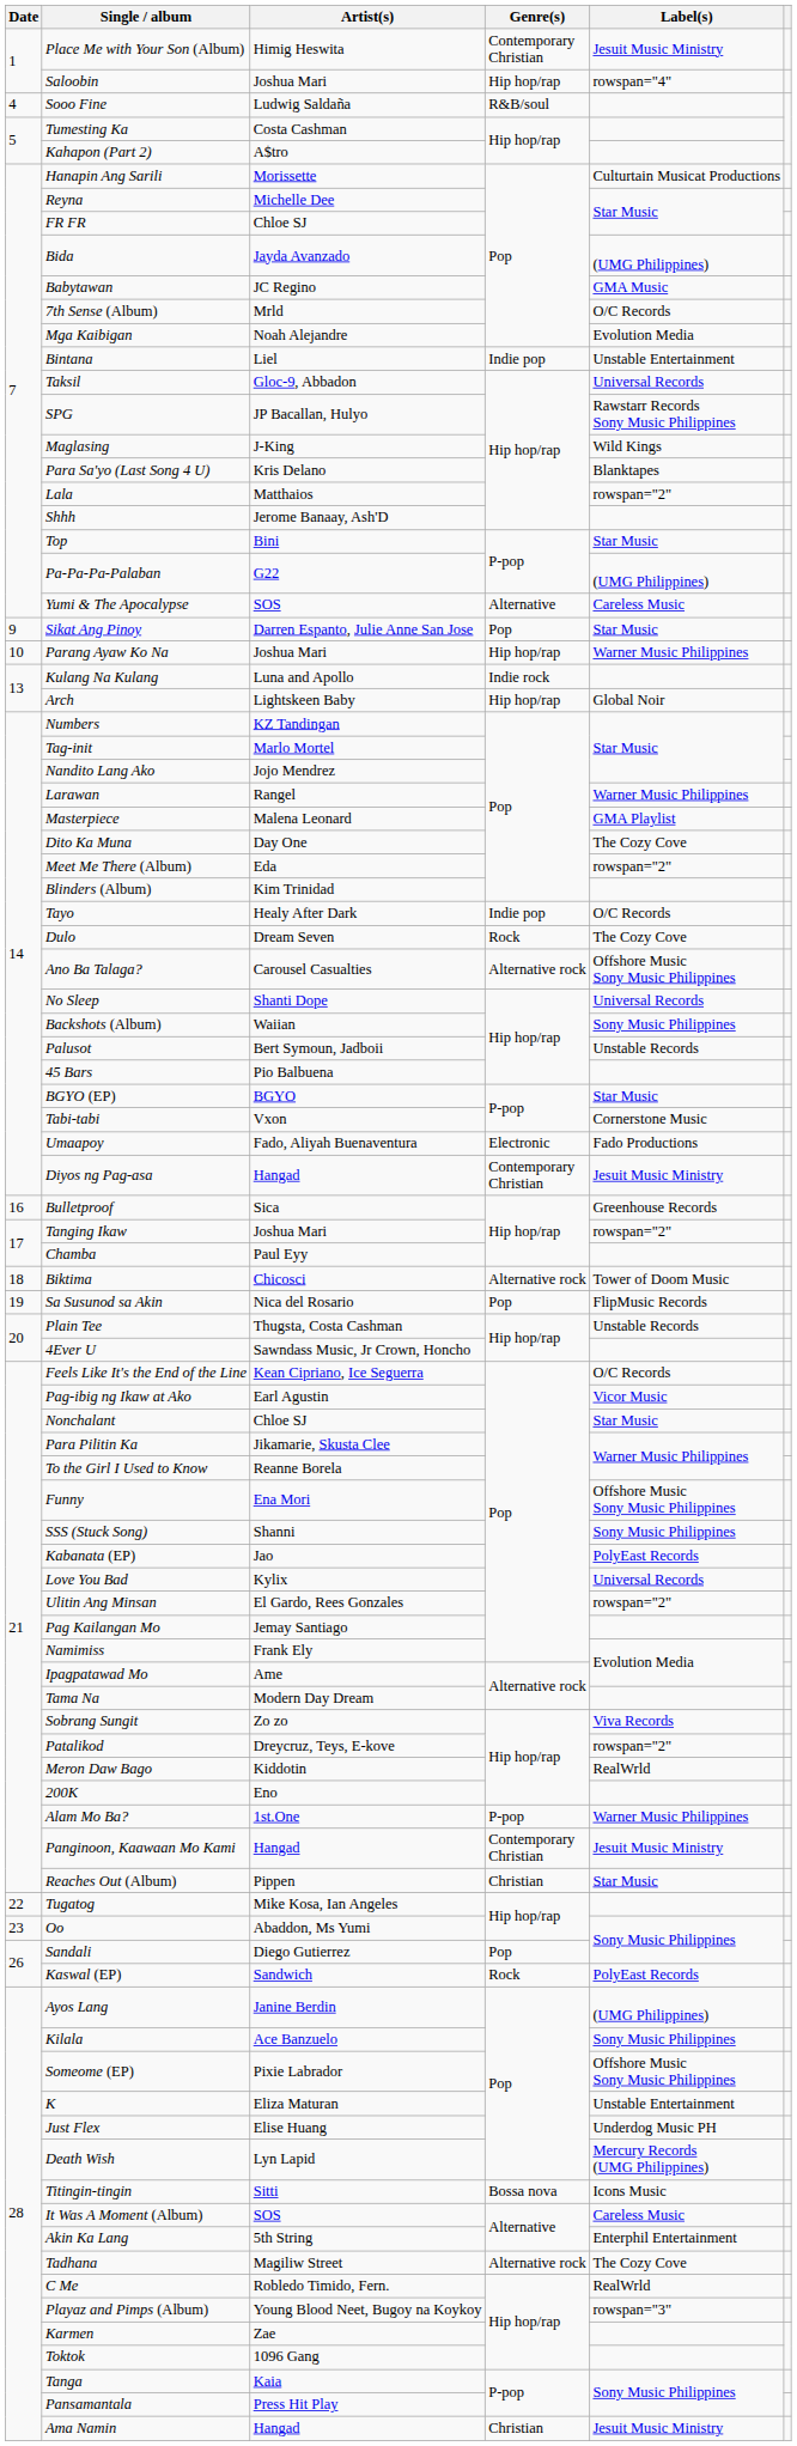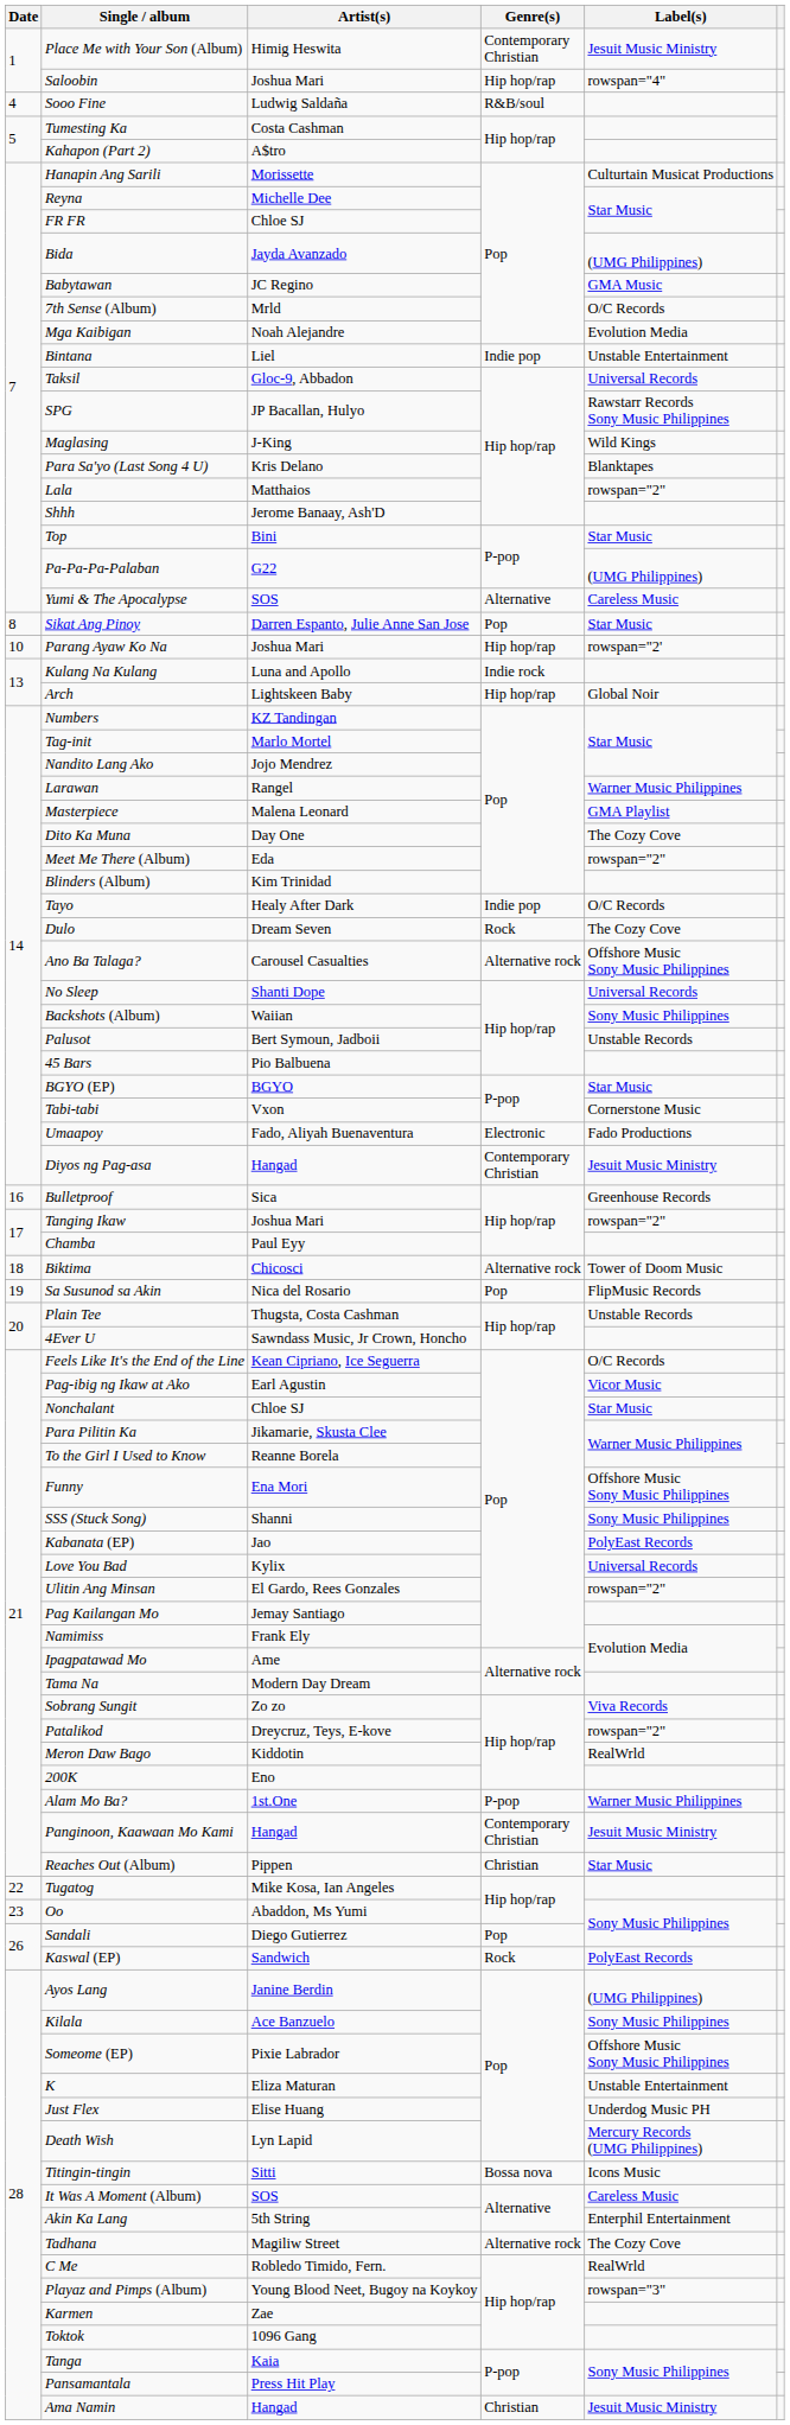 <table class="wikitable">
 <tr>
 <th>Date</th>
 <th>Single / album</th>
 <th>Artist(s)</th>
 <th>Genre(s)</th>
 <th>Label(s)</th>
 <th></th>
 </tr>
 <tr>
 <td rowspan="2">1</td>
 <td><em>Place Me with Your Son</em> (Album)</td>
 <td>Himig Heswita</td>
 <td>Contemporary<br>Christian</td>
 <td><a href='#'>Jesuit Music Ministry</a></td>
 <td></td>
 </tr>
 <tr>
 <td><em>Saloobin</em></td>
 <td>Joshua Mari</td>
 <td>Hip hop/rap</td>
 <td>rowspan="4" </td>
 <td></td>
 </tr>
 <tr>
 <td>4</td>
 <td><em>Sooo Fine</em></td>
 <td>Ludwig Saldaña</td>
 <td>R&B/soul</td>
 <td></td>
 </tr>
 <tr>
 <td rowspan="2">5</td>
 <td><em>Tumesting Ka</em></td>
 <td>Costa Cashman</td>
 <td rowspan="2">Hip hop/rap</td>
 <td></td>
 </tr>
 <tr>
 <td><em>Kahapon (Part 2)</em></td>
 <td>A$tro</td>
 <td></td>
 </tr>
 <tr>
 <td rowspan="17">7</td>
 <td><em>Hanapin Ang Sarili</em></td>
 <td><a href='#'>Morissette</a></td>
 <td rowspan="7">Pop</td>
 <td>Culturtain Musicat Productions</td>
 <td></td>
 </tr>
 <tr>
 <td><em>Reyna</em></td>
 <td><a href='#'>Michelle Dee</a></td>
 <td rowspan="2"><a href='#'>Star Music</a></td>
 <td></td>
 </tr>
 <tr>
 <td><em>FR FR</em></td>
 <td>Chloe SJ</td>
 <td></td>
 </tr>
 <tr>
 <td><em>Bida</em></td>
 <td><a href='#'>Jayda Avanzado</a></td>
 <td><br>(<a href='#'>UMG Philippines</a>)</td>
 <td></td>
 </tr>
 <tr>
 <td><em>Babytawan</em></td>
 <td>JC Regino</td>
 <td><a href='#'>GMA Music</a></td>
 <td></td>
 </tr>
 <tr>
 <td><em>7th Sense</em> (Album)</td>
 <td>Mrld</td>
 <td>O/C Records</td>
 <td></td>
 </tr>
 <tr>
 <td><em>Mga Kaibigan</em></td>
 <td>Noah Alejandre</td>
 <td>Evolution Media</td>
 <td></td>
 </tr>
 <tr>
 <td><em>Bintana</em></td>
 <td>Liel</td>
 <td>Indie pop</td>
 <td>Unstable Entertainment</td>
 <td></td>
 </tr>
 <tr>
 <td><em>Taksil</em></td>
 <td><a href='#'>Gloc-9</a>, Abbadon</td>
 <td rowspan="6">Hip hop/rap</td>
 <td><a href='#'>Universal Records</a></td>
 <td></td>
 </tr>
 <tr>
 <td><em>SPG</em></td>
 <td>JP Bacallan, Hulyo</td>
 <td>Rawstarr Records<br><a href='#'>Sony Music Philippines</a></td>
 <td></td>
 </tr>
 <tr>
 <td><em>Maglasing</em></td>
 <td>J-King</td>
 <td>Wild Kings</td>
 <td></td>
 </tr>
 <tr>
 <td><em>Para Sa'yo (Last Song 4 U)</em></td>
 <td>Kris Delano</td>
 <td>Blanktapes</td>
 <td></td>
 </tr>
 <tr>
 <td><em>Lala</em></td>
 <td>Matthaios</td>
 <td>rowspan="2" </td>
 <td></td>
 </tr>
 <tr>
 <td><em>Shhh</em></td>
 <td>Jerome Banaay, Ash'D</td>
 <td></td>
 </tr>
 <tr>
 <td><em>Top</em></td>
 <td><a href='#'>Bini</a></td>
 <td rowspan="2">P-pop</td>
 <td><a href='#'>Star Music</a></td>
 <td></td>
 </tr>
 <tr>
 <td><em>Pa-Pa-Pa-Palaban</em></td>
 <td><a href='#'>G22</a></td>
 <td><br>(<a href='#'>UMG Philippines</a>)</td>
 <td></td>
 </tr>
 <tr>
 <td><em>Yumi & The Apocalypse</em></td>
 <td><a href='#'>SOS</a></td>
 <td>Alternative</td>
 <td><a href='#'>Careless Music</a></td>
 <td></td>
 </tr>
 <tr>
-<td>9</td>
+<td>8</td>
 <td><em><a href='#'>Sikat Ang Pinoy</a></em></td>
 <td><a href='#'>Darren Espanto</a>, <a href='#'>Julie Anne San Jose</a></td>
 <td>Pop</td>
 <td><a href='#'>Star Music</a></td>
 <td></td>
 </tr>
 <tr>
 <td>10</td>
 <td><em>Parang Ayaw Ko Na</em></td>
 <td>Joshua Mari</td>
 <td>Hip hop/rap</td>
-<td><a href='#'>Warner Music Philippines</a></td>
+<td>rowspan="2' </td>
 <td></td>
 </tr>
 <tr>
 <td rowspan="2">13</td>
 <td><em>Kulang Na Kulang</em></td>
 <td>Luna and Apollo</td>
 <td>Indie rock</td>
 <td></td>
 </tr>
 <tr>
 <td><em>Arch</em></td>
 <td>Lightskeen Baby</td>
 <td>Hip hop/rap</td>
 <td>Global Noir</td>
 <td></td>
 </tr>
 <tr>
 <td rowspan="19">14</td>
 <td><em>Numbers</em></td>
 <td><a href='#'>KZ Tandingan</a></td>
 <td rowspan="8">Pop</td>
 <td rowspan="3"><a href='#'>Star Music</a></td>
 <td></td>
 </tr>
 <tr>
 <td><em>Tag-init</em></td>
 <td><a href='#'>Marlo Mortel</a></td>
 <td></td>
 </tr>
 <tr>
 <td><em>Nandito Lang Ako</em></td>
 <td>Jojo Mendrez</td>
 <td></td>
 </tr>
 <tr>
 <td><em>Larawan</em></td>
 <td>Rangel</td>
 <td><a href='#'>Warner Music Philippines</a></td>
 <td></td>
 </tr>
 <tr>
 <td><em>Masterpiece</em></td>
 <td>Malena Leonard</td>
 <td><a href='#'>GMA Playlist</a></td>
 <td></td>
 </tr>
 <tr>
 <td><em>Dito Ka Muna</em></td>
 <td>Day One</td>
 <td>The Cozy Cove</td>
 <td></td>
 </tr>
 <tr>
 <td><em>Meet Me There</em> (Album)</td>
 <td>Eda</td>
 <td>rowspan="2" </td>
 <td></td>
 </tr>
 <tr>
 <td><em>Blinders</em> (Album)</td>
 <td>Kim Trinidad</td>
 <td></td>
 </tr>
 <tr>
 <td><em>Tayo</em></td>
 <td>Healy After Dark</td>
 <td>Indie pop</td>
 <td>O/C Records</td>
 <td></td>
 </tr>
 <tr>
 <td><em>Dulo</em></td>
 <td>Dream Seven</td>
 <td>Rock</td>
 <td>The Cozy Cove</td>
 <td></td>
 </tr>
 <tr>
 <td><em>Ano Ba Talaga?</em></td>
 <td>Carousel Casualties</td>
 <td>Alternative rock</td>
 <td>Offshore Music<br><a href='#'>Sony Music Philippines</a></td>
 <td></td>
 </tr>
 <tr>
 <td><em>No Sleep</em></td>
 <td><a href='#'>Shanti Dope</a></td>
 <td rowspan="4">Hip hop/rap</td>
 <td><a href='#'>Universal Records</a></td>
 <td></td>
 </tr>
 <tr>
 <td><em>Backshots</em> (Album)</td>
 <td>Waiian</td>
 <td><a href='#'>Sony Music Philippines</a></td>
 <td></td>
 </tr>
 <tr>
 <td><em>Palusot</em></td>
 <td>Bert Symoun, Jadboii</td>
 <td>Unstable Records</td>
 <td></td>
 </tr>
 <tr>
 <td><em>45 Bars</em></td>
 <td>Pio Balbuena</td>
 <td></td>
 <td></td>
 </tr>
 <tr>
 <td><em>BGYO</em> (EP)</td>
 <td><a href='#'>BGYO</a></td>
 <td rowspan="2">P-pop</td>
 <td><a href='#'>Star Music</a></td>
 <td></td>
 </tr>
 <tr>
 <td><em>Tabi-tabi</em></td>
 <td>Vxon</td>
 <td>Cornerstone Music</td>
 <td></td>
 </tr>
 <tr>
 <td><em>Umaapoy</em></td>
 <td>Fado, Aliyah Buenaventura</td>
 <td>Electronic</td>
 <td>Fado Productions</td>
 <td></td>
 </tr>
 <tr>
 <td><em>Diyos ng Pag-asa</em></td>
 <td><a href='#'>Hangad</a></td>
 <td>Contemporary<br>Christian</td>
 <td><a href='#'>Jesuit Music Ministry</a></td>
 <td></td>
 </tr>
 <tr>
 <td>16</td>
 <td><em>Bulletproof</em></td>
 <td>Sica</td>
 <td rowspan="3">Hip hop/rap</td>
 <td>Greenhouse Records</td>
 <td></td>
 </tr>
 <tr>
 <td rowspan="2">17</td>
 <td><em>Tanging Ikaw</em></td>
 <td>Joshua Mari</td>
 <td>rowspan="2" </td>
 <td></td>
 </tr>
 <tr>
 <td><em>Chamba</em></td>
 <td>Paul Eyy</td>
 <td></td>
 </tr>
 <tr>
 <td>18</td>
 <td><em>Biktima</em></td>
 <td><a href='#'>Chicosci</a></td>
 <td>Alternative rock</td>
 <td>Tower of Doom Music</td>
 <td></td>
 </tr>
 <tr>
 <td>19</td>
 <td><em>Sa Susunod sa Akin</em></td>
 <td>Nica del Rosario</td>
 <td>Pop</td>
 <td>FlipMusic Records</td>
 <td></td>
 </tr>
 <tr>
 <td rowspan="2">20</td>
 <td><em>Plain Tee</em></td>
 <td>Thugsta, Costa Cashman</td>
 <td rowspan="2">Hip hop/rap</td>
 <td>Unstable Records</td>
 <td></td>
 </tr>
 <tr>
 <td><em>4Ever U</em></td>
 <td>Sawndass Music, Jr Crown, Honcho</td>
 <td></td>
 </tr>
 <tr>
 <td rowspan="21">21</td>
 <td><em>Feels Like It's the End of the Line</em></td>
 <td><a href='#'>Kean Cipriano</a>, <a href='#'>Ice Seguerra</a></td>
 <td rowspan="12">Pop</td>
 <td>O/C Records</td>
 <td></td>
 </tr>
 <tr>
 <td><em>Pag-ibig ng Ikaw at Ako</em></td>
 <td>Earl Agustin</td>
 <td><a href='#'>Vicor Music</a></td>
 <td></td>
 </tr>
 <tr>
 <td><em>Nonchalant</em></td>
 <td>Chloe SJ</td>
 <td><a href='#'>Star Music</a></td>
 <td></td>
 </tr>
 <tr>
 <td><em>Para Pilitin Ka</em></td>
 <td>Jikamarie, <a href='#'>Skusta Clee</a></td>
 <td rowspan="2"><a href='#'>Warner Music Philippines</a></td>
 <td></td>
 </tr>
 <tr>
 <td><em>To the Girl I Used to Know</em></td>
 <td>Reanne Borela</td>
 <td></td>
 </tr>
 <tr>
 <td><em>Funny</em></td>
 <td><a href='#'>Ena Mori</a></td>
 <td>Offshore Music<br><a href='#'>Sony Music Philippines</a></td>
 <td></td>
 </tr>
 <tr>
 <td><em>SSS (Stuck Song)</em></td>
 <td>Shanni</td>
 <td><a href='#'>Sony Music Philippines</a></td>
 <td></td>
 </tr>
 <tr>
 <td><em>Kabanata</em> (EP)</td>
 <td>Jao</td>
 <td><a href='#'>PolyEast Records</a></td>
 <td></td>
 </tr>
 <tr>
 <td><em>Love You Bad</em></td>
 <td>Kylix</td>
 <td><a href='#'>Universal Records</a></td>
 <td></td>
 </tr>
 <tr>
 <td><em>Ulitin Ang Minsan</em></td>
 <td>El Gardo, Rees Gonzales</td>
 <td>rowspan="2" </td>
 <td></td>
 </tr>
 <tr>
 <td><em>Pag Kailangan Mo</em></td>
 <td>Jemay Santiago</td>
 <td></td>
 </tr>
 <tr>
 <td><em>Namimiss</em></td>
 <td>Frank Ely</td>
 <td rowspan="2">Evolution Media</td>
 <td></td>
 </tr>
 <tr>
 <td><em>Ipagpatawad Mo</em></td>
 <td>Ame</td>
 <td rowspan="2">Alternative rock</td>
 <td></td>
 </tr>
 <tr>
 <td><em>Tama Na</em></td>
 <td>Modern Day Dream</td>
 <td></td>
 <td></td>
 </tr>
 <tr>
 <td><em>Sobrang Sungit</em></td>
 <td>Zo zo</td>
 <td rowspan="4">Hip hop/rap</td>
 <td><a href='#'>Viva Records</a></td>
 <td></td>
 </tr>
 <tr>
 <td><em>Patalikod</em></td>
 <td>Dreycruz, Teys, E-kove</td>
 <td>rowspan="2" </td>
 <td></td>
 </tr>
 <tr>
 <td><em>Meron Daw Bago</em></td>
 <td>Kiddotin</td>
 <td>RealWrld</td>
 <td></td>
 </tr>
 <tr>
 <td><em>200K</em></td>
 <td>Eno</td>
 <td></td>
 <td></td>
 </tr>
 <tr>
 <td><em>Alam Mo Ba?</em></td>
 <td><a href='#'>1st.One</a></td>
 <td>P-pop</td>
 <td><a href='#'>Warner Music Philippines</a></td>
 <td></td>
 </tr>
 <tr>
 <td><em>Panginoon, Kaawaan Mo Kami</em></td>
 <td><a href='#'>Hangad</a></td>
 <td>Contemporary<br>Christian</td>
 <td><a href='#'>Jesuit Music Ministry</a></td>
 <td></td>
 </tr>
 <tr>
 <td><em>Reaches Out</em> (Album)</td>
 <td>Pippen</td>
 <td>Christian</td>
 <td><a href='#'>Star Music</a></td>
 <td></td>
 </tr>
 <tr>
 <td>22</td>
 <td><em>Tugatog</em></td>
 <td>Mike Kosa, Ian Angeles</td>
 <td rowspan="2">Hip hop/rap</td>
 <td></td>
 <td></td>
 </tr>
 <tr>
 <td>23</td>
 <td><em>Oo</em></td>
 <td>Abaddon, Ms Yumi</td>
 <td rowspan="2"><a href='#'>Sony Music Philippines</a></td>
 <td></td>
 </tr>
 <tr>
 <td rowspan="2">26</td>
 <td><em>Sandali</em></td>
 <td>Diego Gutierrez</td>
 <td>Pop</td>
 <td></td>
 </tr>
 <tr>
 <td><em>Kaswal</em> (EP)</td>
 <td><a href='#'>Sandwich</a></td>
 <td>Rock</td>
 <td><a href='#'>PolyEast Records</a></td>
 <td></td>
 </tr>
 <tr>
 <td rowspan="17">28</td>
 <td><em>Ayos Lang</em></td>
 <td><a href='#'>Janine Berdin</a></td>
 <td rowspan="6">Pop</td>
 <td><br>(<a href='#'>UMG Philippines</a>)</td>
 <td></td>
 </tr>
 <tr>
 <td><em>Kilala</em></td>
 <td><a href='#'>Ace Banzuelo</a></td>
 <td><a href='#'>Sony Music Philippines</a></td>
 <td></td>
 </tr>
 <tr>
 <td><em>Someome</em> (EP)</td>
 <td>Pixie Labrador</td>
 <td>Offshore Music<br><a href='#'>Sony Music Philippines</a></td>
 <td></td>
 </tr>
 <tr>
 <td><em>K</em></td>
 <td>Eliza Maturan</td>
 <td>Unstable Entertainment</td>
 <td></td>
 </tr>
 <tr>
 <td><em>Just Flex</em></td>
 <td>Elise Huang</td>
 <td>Underdog Music PH</td>
 <td></td>
 </tr>
 <tr>
 <td><em>Death Wish</em></td>
 <td>Lyn Lapid</td>
 <td><a href='#'>Mercury Records</a><br>(<a href='#'>UMG Philippines</a>)</td>
 <td></td>
 </tr>
 <tr>
 <td><em>Titingin-tingin</em></td>
 <td><a href='#'>Sitti</a></td>
 <td>Bossa nova</td>
 <td>Icons Music</td>
 <td></td>
 </tr>
 <tr>
 <td><em>It Was A Moment</em> (Album)</td>
 <td><a href='#'>SOS</a></td>
 <td rowspan="2*">Alternative</td>
 <td><a href='#'>Careless Music</a></td>
 <td></td>
 </tr>
 <tr>
 <td><em>Akin Ka Lang</em></td>
 <td>5th String</td>
 <td>Enterphil Entertainment</td>
 <td></td>
 </tr>
 <tr>
 <td><em>Tadhana</em></td>
 <td>Magiliw Street</td>
 <td>Alternative rock</td>
 <td>The Cozy Cove</td>
 <td></td>
 </tr>
 <tr>
 <td><em>C Me</em></td>
 <td>Robledo Timido, Fern.</td>
 <td rowspan="4">Hip hop/rap</td>
 <td>RealWrld</td>
 <td></td>
 </tr>
 <tr>
 <td><em>Playaz and Pimps</em> (Album)</td>
 <td>Young Blood Neet, Bugoy na Koykoy</td>
 <td>rowspan="3" </td>
 <td></td>
 </tr>
 <tr>
 <td><em>Karmen</em></td>
 <td>Zae</td>
 <td></td>
 </tr>
 <tr>
 <td><em>Toktok</em></td>
 <td>1096 Gang</td>
 <td></td>
 </tr>
 <tr>
 <td><em>Tanga</em></td>
 <td><a href='#'>Kaia</a></td>
 <td rowspan="2">P-pop</td>
 <td rowspan="2"><a href='#'>Sony Music Philippines</a></td>
 <td></td>
 </tr>
 <tr>
 <td><em>Pansamantala</em></td>
 <td><a href='#'>Press Hit Play</a></td>
 <td></td>
 </tr>
 <tr>
 <td><em>Ama Namin</em></td>
 <td><a href='#'>Hangad</a></td>
 <td>Christian</td>
 <td><a href='#'>Jesuit Music Ministry</a></td>
 <td></td>
 </tr>
 </table>
